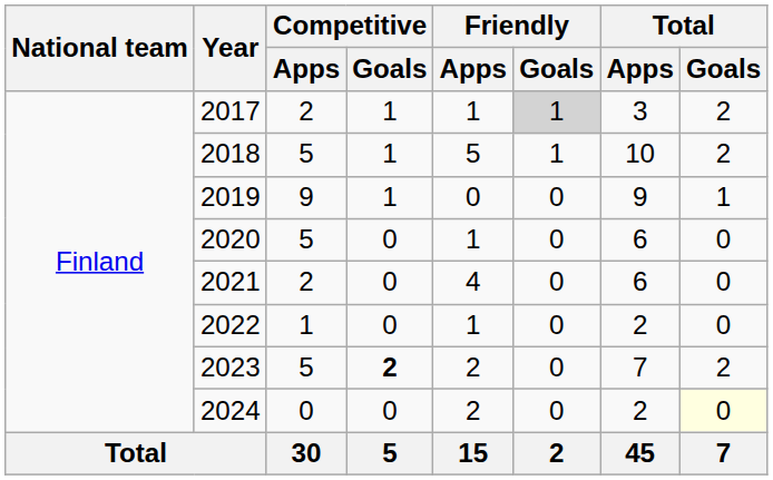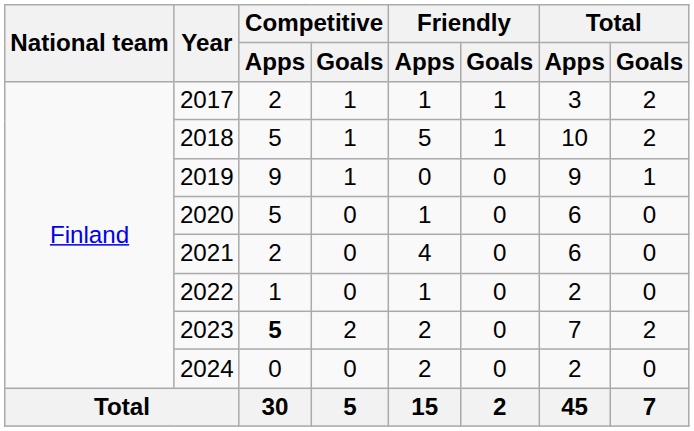 <table class="wikitable" style="text-align:center">
 <tr>
 <th rowspan="2">National team</th>
 <th rowspan="2">Year</th>
 <th colspan="2">Competitive</th>
 <th colspan="2">Friendly</th>
 <th colspan="2">Total</th>
 </tr>
 <tr>
 <th>Apps</th>
 <th>Goals</th>
 <th>Apps</th>
 <th>Goals</th>
 <th>Apps</th>
 <th>Goals</th>
 </tr>
 <tr>
 <td rowspan=8><a href='#'>Finland</a></td>
 <td>2017</td>
 <td>2</td>
 <td>1</td>
 <td>1</td>
-<td style="background: lightgrey;">1</td>
+<td>1</td>
 <td>3</td>
 <td>2</td>
 </tr>
 <tr>
 <td>2018</td>
 <td>5</td>
 <td>1</td>
 <td>5</td>
 <td>1</td>
 <td>10</td>
 <td>2</td>
 </tr>
 <tr>
 <td>2019</td>
 <td>9</td>
 <td>1</td>
 <td>0</td>
 <td>0</td>
 <td>9</td>
 <td>1</td>
 </tr>
 <tr>
 <td>2020</td>
 <td>5</td>
 <td>0</td>
 <td>1</td>
 <td>0</td>
 <td>6</td>
 <td>0</td>
 </tr>
 <tr>
 <td>2021</td>
 <td>2</td>
 <td>0</td>
 <td>4</td>
 <td>0</td>
 <td>6</td>
 <td>0</td>
 </tr>
 <tr>
 <td>2022</td>
 <td>1</td>
 <td>0</td>
 <td>1</td>
 <td>0</td>
 <td>2</td>
 <td>0</td>
 </tr>
 <tr>
 <td>2023</td>
-<td>5</td>
-<td><strong>2</strong></td>
+<td><strong>5</strong></td>
+<td>2</td>
 <td>2</td>
 <td>0</td>
 <td>7</td>
 <td>2</td>
 </tr>
 <tr>
 <td>2024</td>
 <td>0</td>
 <td>0</td>
 <td>2</td>
 <td>0</td>
 <td>2</td>
-<td style="background: lightyellow;">0</td>
+<td>0</td>
 </tr>
 <tr>
 <th colspan=2>Total</th>
 <th>30</th>
 <th>5</th>
 <th>15</th>
 <th>2</th>
 <th>45</th>
 <th>7</th>
 </tr>
 </table>
